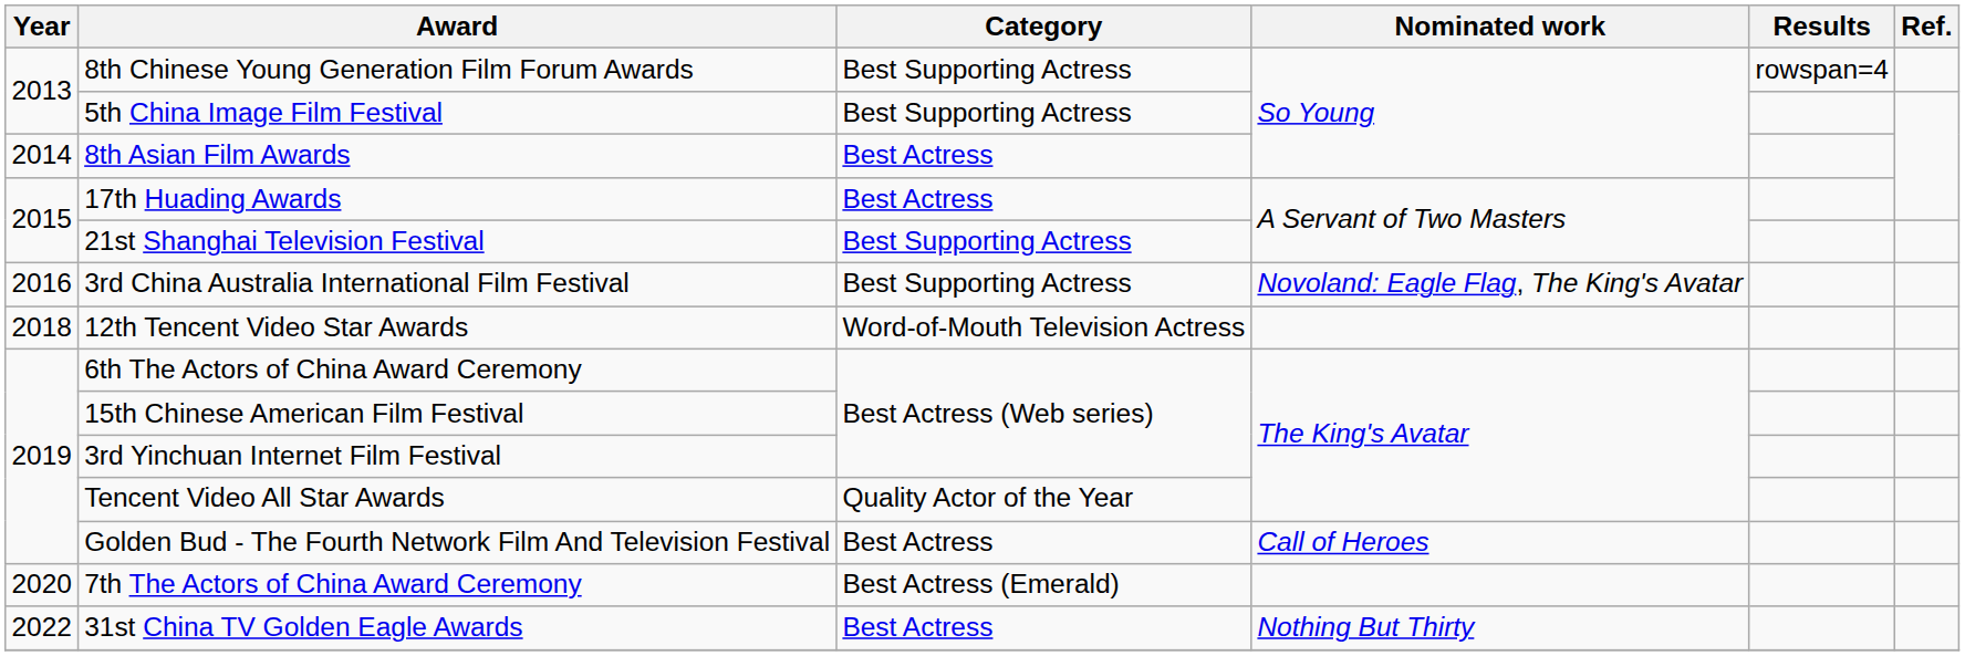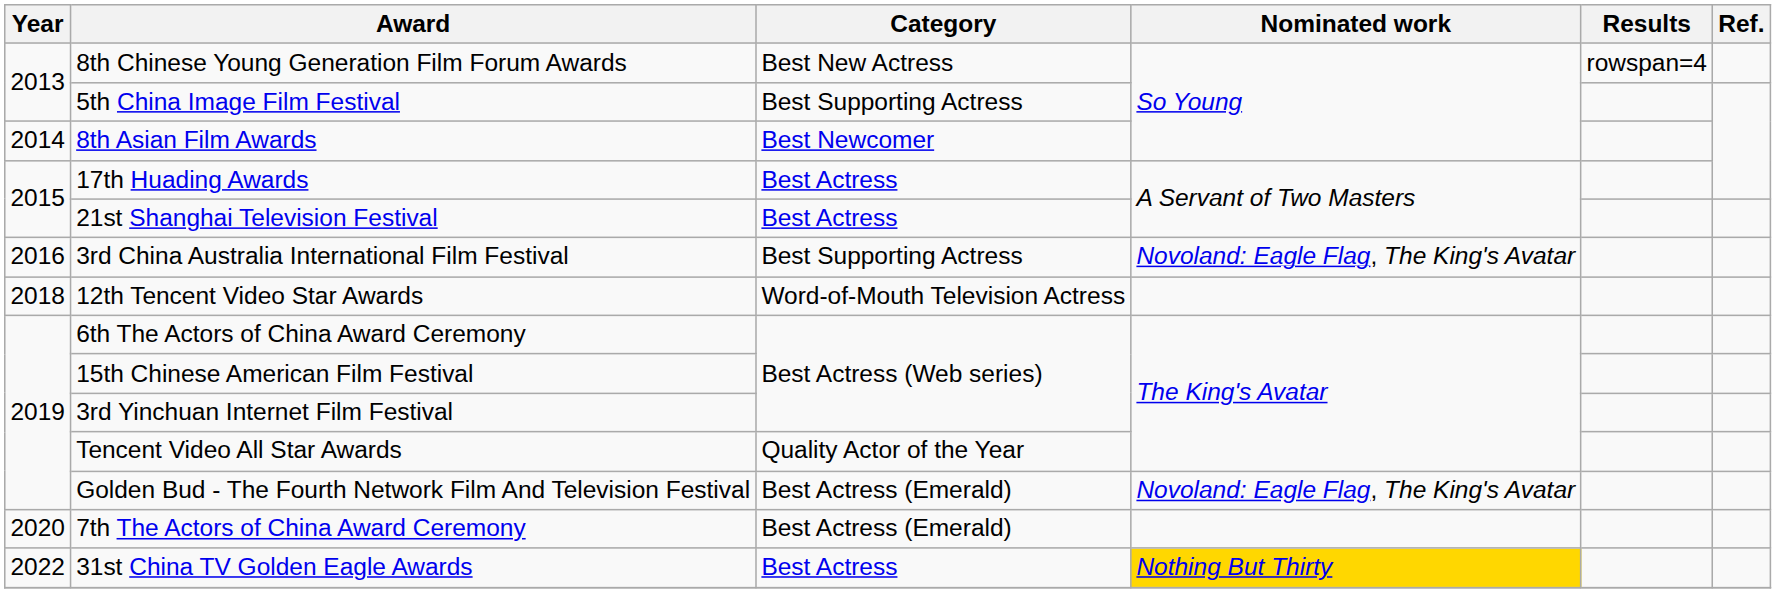 <table class="wikitable sortable" border="1">
 <tr>
 <th>Year</th>
 <th>Award</th>
 <th>Category</th>
 <th>Nominated work</th>
 <th>Results</th>
 <th>Ref.</th>
 </tr>
 <tr>
 <td rowspan=2>2013</td>
 <td>8th Chinese Young Generation Film Forum Awards</td>
-<td>Best Supporting Actress</td>
+<td>Best New Actress</td>
 <td rowspan=3><em><a href='#'>So Young</a></em></td>
 <td>rowspan=4 </td>
 <td></td>
 </tr>
 <tr>
 <td>5th <a href='#'>China Image Film Festival</a></td>
 <td>Best Supporting Actress</td>
 <td></td>
 </tr>
 <tr>
 <td>2014</td>
 <td><a href='#'>8th Asian Film Awards</a></td>
-<td><a href='#'>Best Actress</a></td>
+<td><a href='#'>Best Newcomer</a></td>
 <td></td>
 </tr>
 <tr>
 <td rowspan=2>2015</td>
 <td>17th <a href='#'>Huading Awards</a></td>
 <td><a href='#'>Best Actress</a></td>
 <td rowspan=2><em>A Servant of Two Masters</em></td>
 <td></td>
 </tr>
 <tr>
 <td>21st <a href='#'>Shanghai Television Festival</a></td>
-<td><a href='#'>Best Supporting Actress</a></td>
+<td><a href='#'>Best Actress</a></td>
 <td></td>
 <td></td>
 </tr>
 <tr>
 <td>2016</td>
 <td>3rd China Australia International Film Festival</td>
 <td>Best Supporting Actress</td>
 <td><em><a href='#'>Novoland: Eagle Flag</a></em>, <em>The King's Avatar</em></td>
 <td></td>
 <td></td>
 </tr>
 <tr>
 <td>2018</td>
 <td>12th Tencent Video Star Awards</td>
 <td>Word-of-Mouth Television Actress</td>
 <td></td>
 <td></td>
 <td></td>
 </tr>
 <tr>
 <td rowspan=5>2019</td>
 <td>6th The Actors of China Award Ceremony</td>
 <td rowspan=3>Best Actress (Web series)</td>
 <td rowspan=4><em><a href='#'>The King's Avatar</a></em></td>
 <td></td>
 <td></td>
 </tr>
 <tr>
 <td>15th Chinese American Film Festival</td>
 <td></td>
 <td></td>
 </tr>
 <tr>
 <td>3rd Yinchuan Internet Film Festival</td>
 <td></td>
 <td></td>
 </tr>
 <tr>
 <td>Tencent Video All Star Awards</td>
 <td>Quality Actor of the Year</td>
 <td></td>
 <td></td>
 </tr>
 <tr>
 <td>Golden Bud - The Fourth Network Film And Television Festival</td>
-<td>Best Actress</td>
-<td><em><a href='#'>Call of Heroes</a></em></td>
+<td>Best Actress (Emerald)</td>
+<td><em><a href='#'>Novoland: Eagle Flag</a></em>, <em>The King's Avatar</em></td>
 <td></td>
 <td></td>
 </tr>
 <tr>
 <td>2020</td>
 <td>7th <a href='#'>The Actors of China Award Ceremony</a></td>
 <td>Best Actress (Emerald)</td>
 <td></td>
 <td></td>
 <td></td>
 </tr>
 <tr>
 <td rowspan=1>2022</td>
 <td>31st <a href='#'>China TV Golden Eagle Awards</a></td>
 <td><a href='#'>Best Actress</a></td>
-<td><em><a href='#'>Nothing But Thirty</a></em></td>
+<td style="background: gold;"><em><a href='#'>Nothing But Thirty</a></em></td>
 <td></td>
 <td></td>
 </tr>
 <tr>
 </tr>
 </table>
